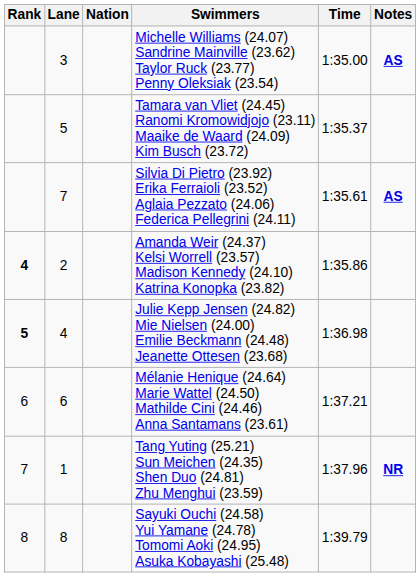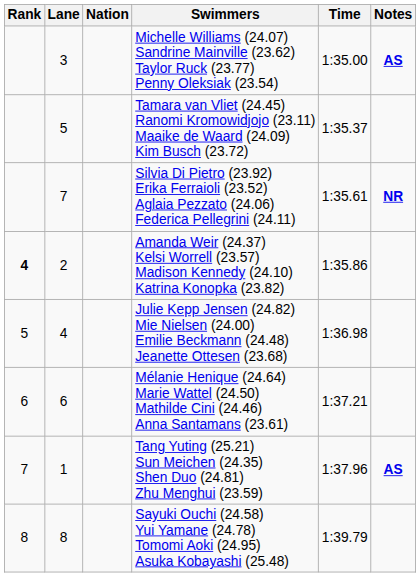 <table class="wikitable sortable" style="text-align:center">
 <tr>
 <th>Rank</th>
 <th>Lane</th>
 <th>Nation</th>
 <th>Swimmers</th>
 <th>Time</th>
 <th>Notes</th>
 </tr>
 <tr>
 <td></td>
 <td>3</td>
 <td align=left></td>
 <td align=left><a href='#'>Michelle Williams</a> (24.07)<br><a href='#'>Sandrine Mainville</a> (23.62)<br><a href='#'>Taylor Ruck</a> (23.77)<br><a href='#'>Penny Oleksiak</a> (23.54)</td>
 <td>1:35.00</td>
 <td><strong><a href='#'>AS</a></strong></td>
 </tr>
 <tr>
 <td></td>
 <td>5</td>
 <td align=left></td>
 <td align=left><a href='#'>Tamara van Vliet</a> (24.45)<br><a href='#'>Ranomi Kromowidjojo</a> (23.11)<br><a href='#'>Maaike de Waard</a> (24.09)<br><a href='#'>Kim Busch</a> (23.72)</td>
 <td>1:35.37</td>
 <td></td>
 </tr>
 <tr>
 <td></td>
 <td>7</td>
 <td align=left></td>
 <td align=left><a href='#'>Silvia Di Pietro</a> (23.92)<br><a href='#'>Erika Ferraioli</a> (23.52)<br><a href='#'>Aglaia Pezzato</a> (24.06)<br><a href='#'>Federica Pellegrini</a> (24.11)</td>
 <td>1:35.61</td>
-<td><strong><a href='#'>AS</a></strong></td>
+<td><strong><a href='#'>NR</a></strong></td>
 </tr>
 <tr>
 <td><strong>4</strong></td>
 <td>2</td>
 <td align=left></td>
 <td align=left><a href='#'>Amanda Weir</a> (24.37) <br> <a href='#'>Kelsi Worrell</a> (23.57) <br> <a href='#'>Madison Kennedy</a> (24.10) <br> <a href='#'>Katrina Konopka</a> (23.82)</td>
 <td>1:35.86</td>
 <td></td>
 </tr>
 <tr>
-<td><strong>5</strong></td>
+<td>5</td>
 <td>4</td>
 <td align=left></td>
 <td align=left><a href='#'>Julie Kepp Jensen</a> (24.82) <br> <a href='#'>Mie Nielsen</a> (24.00) <br> <a href='#'>Emilie Beckmann</a> (24.48) <br> <a href='#'>Jeanette Ottesen</a> (23.68)</td>
 <td>1:36.98</td>
 <td></td>
 </tr>
 <tr>
 <td>6</td>
 <td>6</td>
 <td align=left></td>
 <td align=left><a href='#'>Mélanie Henique</a> (24.64) <br> <a href='#'>Marie Wattel</a> (24.50) <br> <a href='#'>Mathilde Cini</a> (24.46) <br> <a href='#'>Anna Santamans</a> (23.61)</td>
 <td>1:37.21</td>
 <td></td>
 </tr>
 <tr>
 <td>7</td>
 <td>1</td>
 <td align=left></td>
 <td align=left><a href='#'>Tang Yuting</a> (25.21) <br> <a href='#'>Sun Meichen</a> (24.35) <br> <a href='#'>Shen Duo</a> (24.81) <br> <a href='#'>Zhu Menghui</a> (23.59)</td>
 <td>1:37.96</td>
-<td><strong><a href='#'>NR</a></strong></td>
+<td><strong><a href='#'>AS</a></strong></td>
 </tr>
 <tr>
 <td>8</td>
 <td>8</td>
 <td align=left></td>
 <td align=left><a href='#'>Sayuki Ouchi</a> (24.58) <br> <a href='#'>Yui Yamane</a> (24.78) <br> <a href='#'>Tomomi Aoki</a> (24.95) <br> <a href='#'>Asuka Kobayashi</a> (25.48)</td>
 <td>1:39.79</td>
 <td></td>
 </tr>
 </table>
